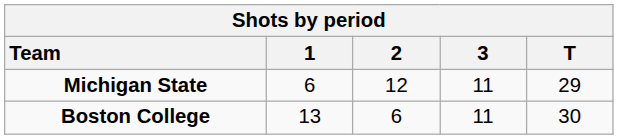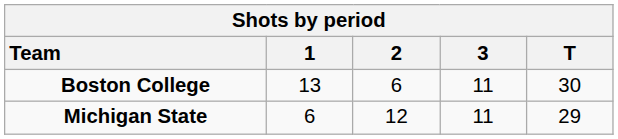 <table class="wikitable" style="width:30em; text-align:right;">
 <tr>
 <th colspan=5>Shots by period</th>
 </tr>
 <tr>
 <th style="width:10em; text-align:left;">Team</th>
 <th style="width:3em;">1</th>
 <th style="width:3em;">2</th>
 <th style="width:3em;">3</th>
 <th style="width:3em;">T</th>
 </tr>
 <tr>
+<td align=center><strong>Boston College</strong></td>
+<td align=center>13</td>
+<td align=center>6</td>
+<td align=center>11</td>
+<td align=center>30</td>
+</tr>
+<tr>
 <td align=center><strong>Michigan State</strong></td>
 <td align=center>6</td>
 <td align=center>12</td>
 <td align=center>11</td>
 <td align=center>29</td>
 </tr>
-<tr>
-<td align=center><strong>Boston College</strong></td>
-<td align=center>13</td>
-<td align=center>6</td>
-<td align=center>11</td>
-<td align=center>30</td>
-</tr>
 </table>
